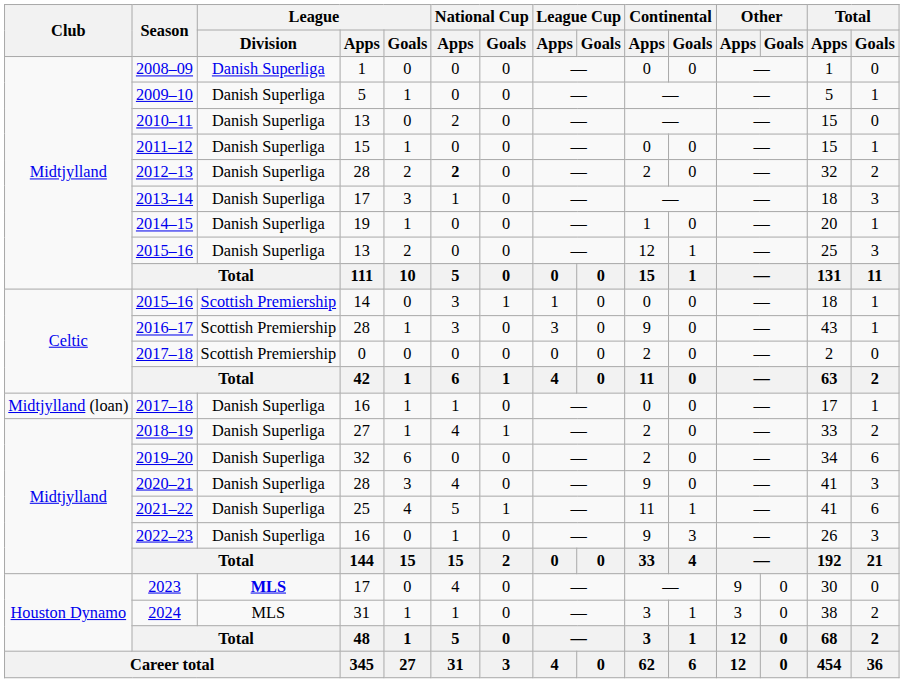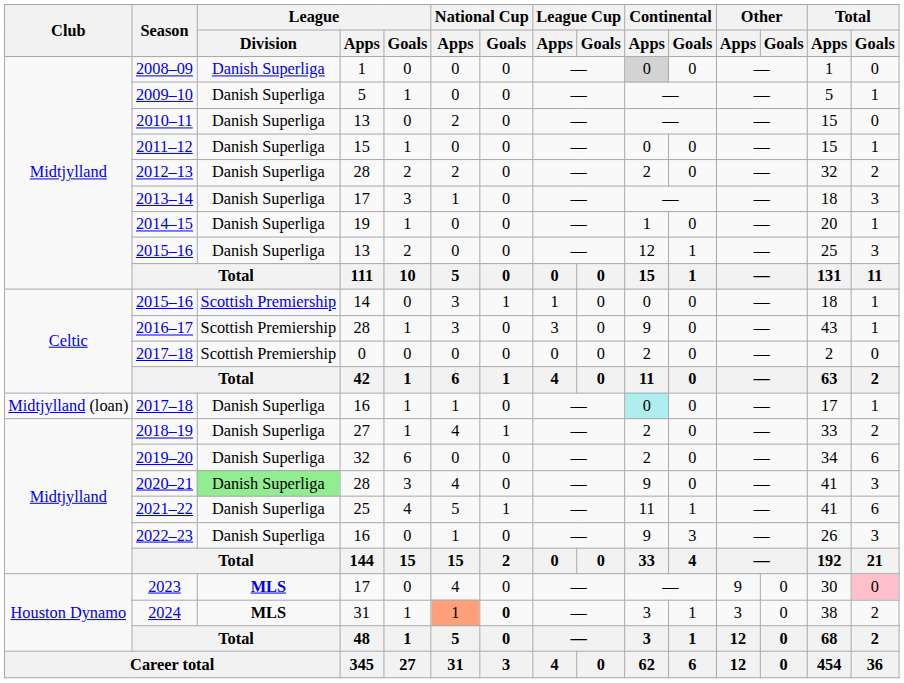 <table class="wikitable" style="text-align:center">
 <tr>
 <th rowspan="2">Club</th>
 <th rowspan="2">Season</th>
 <th colspan="3">League</th>
 <th colspan="2">National Cup</th>
 <th colspan="2">League Cup</th>
 <th colspan="2">Continental</th>
 <th colspan="2">Other</th>
 <th colspan="2">Total</th>
 </tr>
 <tr>
 <th>Division</th>
 <th>Apps</th>
 <th>Goals</th>
 <th>Apps</th>
 <th>Goals</th>
 <th>Apps</th>
 <th>Goals</th>
 <th>Apps</th>
 <th>Goals</th>
 <th>Apps</th>
 <th>Goals</th>
 <th>Apps</th>
 <th>Goals</th>
 </tr>
 <tr>
 <td rowspan="9"><a href='#'>Midtjylland</a></td>
 <td><a href='#'>2008–09</a></td>
 <td><a href='#'>Danish Superliga</a></td>
 <td>1</td>
 <td>0</td>
 <td>0</td>
 <td>0</td>
 <td colspan="2">—</td>
-<td>0</td>
+<td style="background: lightgrey;">0</td>
 <td>0</td>
 <td colspan="2">—</td>
 <td>1</td>
 <td>0</td>
 </tr>
 <tr>
 <td><a href='#'>2009–10</a></td>
 <td>Danish Superliga</td>
 <td>5</td>
 <td>1</td>
 <td>0</td>
 <td>0</td>
 <td colspan="2">—</td>
 <td colspan="2">—</td>
 <td colspan="2">—</td>
 <td>5</td>
 <td>1</td>
 </tr>
 <tr>
 <td><a href='#'>2010–11</a></td>
 <td>Danish Superliga</td>
 <td>13</td>
 <td>0</td>
 <td>2</td>
 <td>0</td>
 <td colspan="2">—</td>
 <td colspan="2">—</td>
 <td colspan="2">—</td>
 <td>15</td>
 <td>0</td>
 </tr>
 <tr>
 <td><a href='#'>2011–12</a></td>
 <td>Danish Superliga</td>
 <td>15</td>
 <td>1</td>
 <td>0</td>
 <td>0</td>
 <td colspan="2">—</td>
 <td>0</td>
 <td>0</td>
 <td colspan="2">—</td>
 <td>15</td>
 <td>1</td>
 </tr>
 <tr>
 <td><a href='#'>2012–13</a></td>
 <td>Danish Superliga</td>
 <td>28</td>
 <td>2</td>
-<td><strong>2</strong></td>
+<td>2</td>
 <td>0</td>
 <td colspan="2">—</td>
 <td>2</td>
 <td>0</td>
 <td colspan="2">—</td>
 <td>32</td>
 <td>2</td>
 </tr>
 <tr>
 <td><a href='#'>2013–14</a></td>
 <td>Danish Superliga</td>
 <td>17</td>
 <td>3</td>
 <td>1</td>
 <td>0</td>
 <td colspan="2">—</td>
 <td colspan="2">—</td>
 <td colspan="2">—</td>
 <td>18</td>
 <td>3</td>
 </tr>
 <tr>
 <td><a href='#'>2014–15</a></td>
 <td>Danish Superliga</td>
 <td>19</td>
 <td>1</td>
 <td>0</td>
 <td>0</td>
 <td colspan="2">—</td>
 <td>1</td>
 <td>0</td>
 <td colspan="2">—</td>
 <td>20</td>
 <td>1</td>
 </tr>
 <tr>
 <td><a href='#'>2015–16</a></td>
 <td>Danish Superliga</td>
 <td>13</td>
 <td>2</td>
 <td>0</td>
 <td>0</td>
 <td colspan="2">—</td>
 <td>12</td>
 <td>1</td>
 <td colspan="2">—</td>
 <td>25</td>
 <td>3</td>
 </tr>
 <tr>
 <th colspan="2">Total</th>
 <th>111</th>
 <th>10</th>
 <th>5</th>
 <th>0</th>
 <th>0</th>
 <th>0</th>
 <th>15</th>
 <th>1</th>
 <th colspan="2">—</th>
 <th>131</th>
 <th>11</th>
 </tr>
 <tr>
 <td rowspan="4"><a href='#'>Celtic</a></td>
 <td><a href='#'>2015–16</a></td>
 <td><a href='#'>Scottish Premiership</a></td>
 <td>14</td>
 <td>0</td>
 <td>3</td>
 <td>1</td>
 <td>1</td>
 <td>0</td>
 <td>0</td>
 <td>0</td>
 <td colspan="2">—</td>
 <td>18</td>
 <td>1</td>
 </tr>
 <tr>
 <td><a href='#'>2016–17</a></td>
 <td>Scottish Premiership</td>
 <td>28</td>
 <td>1</td>
 <td>3</td>
 <td>0</td>
 <td>3</td>
 <td>0</td>
 <td>9</td>
 <td>0</td>
 <td colspan="2">—</td>
 <td>43</td>
 <td>1</td>
 </tr>
 <tr>
 <td><a href='#'>2017–18</a></td>
 <td>Scottish Premiership</td>
 <td>0</td>
 <td>0</td>
 <td>0</td>
 <td>0</td>
 <td>0</td>
 <td>0</td>
 <td>2</td>
 <td>0</td>
 <td colspan="2">—</td>
 <td>2</td>
 <td>0</td>
 </tr>
 <tr>
 <th colspan="2">Total</th>
 <th>42</th>
 <th>1</th>
 <th>6</th>
 <th>1</th>
 <th>4</th>
 <th>0</th>
 <th>11</th>
 <th>0</th>
 <th colspan="2">—</th>
 <th>63</th>
 <th>2</th>
 </tr>
 <tr>
 <td><a href='#'>Midtjylland</a> (loan)</td>
 <td><a href='#'>2017–18</a></td>
 <td>Danish Superliga</td>
 <td>16</td>
 <td>1</td>
 <td>1</td>
 <td>0</td>
 <td colspan="2">—</td>
-<td>0</td>
+<td style="background: paleturquoise;">0</td>
 <td>0</td>
 <td colspan="2">—</td>
 <td>17</td>
 <td>1</td>
 </tr>
 <tr>
 <td rowspan="6"><a href='#'>Midtjylland</a></td>
 <td><a href='#'>2018–19</a></td>
 <td>Danish Superliga</td>
 <td>27</td>
 <td>1</td>
 <td>4</td>
 <td>1</td>
 <td colspan="2">—</td>
 <td>2</td>
 <td>0</td>
 <td colspan="2">—</td>
 <td>33</td>
 <td>2</td>
 </tr>
 <tr>
 <td><a href='#'>2019–20</a></td>
 <td>Danish Superliga</td>
 <td>32</td>
 <td>6</td>
 <td>0</td>
 <td>0</td>
 <td colspan="2">—</td>
 <td>2</td>
 <td>0</td>
 <td colspan="2">—</td>
 <td>34</td>
 <td>6</td>
 </tr>
 <tr>
 <td><a href='#'>2020–21</a></td>
-<td>Danish Superliga</td>
+<td style="background: lightgreen;">Danish Superliga</td>
 <td>28</td>
 <td>3</td>
 <td>4</td>
 <td>0</td>
 <td colspan="2">—</td>
 <td>9</td>
 <td>0</td>
 <td colspan="2">—</td>
 <td>41</td>
 <td>3</td>
 </tr>
 <tr>
 <td><a href='#'>2021–22</a></td>
 <td>Danish Superliga</td>
 <td>25</td>
 <td>4</td>
 <td>5</td>
 <td>1</td>
 <td colspan="2">—</td>
 <td>11</td>
 <td>1</td>
 <td colspan="2">—</td>
 <td>41</td>
 <td>6</td>
 </tr>
 <tr>
 <td><a href='#'>2022–23</a></td>
 <td>Danish Superliga</td>
 <td>16</td>
 <td>0</td>
 <td>1</td>
 <td>0</td>
 <td colspan="2">—</td>
 <td>9</td>
 <td>3</td>
 <td colspan="2">—</td>
 <td>26</td>
 <td>3</td>
 </tr>
 <tr>
 <th colspan="2">Total</th>
 <th>144</th>
 <th>15</th>
 <th>15</th>
 <th>2</th>
 <th>0</th>
 <th>0</th>
 <th>33</th>
 <th>4</th>
 <th colspan="2">—</th>
 <th>192</th>
 <th>21</th>
 </tr>
 <tr>
 <td rowspan="3"><a href='#'>Houston Dynamo</a></td>
 <td><a href='#'>2023</a></td>
 <td><strong><a href='#'>MLS</a></strong></td>
 <td>17</td>
 <td>0</td>
 <td>4</td>
 <td>0</td>
 <td colspan="2">—</td>
 <td colspan="2">—</td>
 <td>9</td>
 <td>0</td>
 <td>30</td>
-<td>0</td>
+<td style="background: pink;">0</td>
 </tr>
 <tr>
 <td><a href='#'>2024</a></td>
-<td>MLS</td>
+<td><strong>MLS</strong></td>
 <td>31</td>
 <td>1</td>
-<td>1</td>
-<td>0</td>
+<td style="background: lightsalmon;">1</td>
+<td><strong>0</strong></td>
 <td colspan="2">—</td>
 <td>3</td>
 <td>1</td>
 <td>3</td>
 <td>0</td>
 <td>38</td>
 <td>2</td>
 </tr>
 <tr>
 <th colspan="2">Total</th>
 <th>48</th>
 <th>1</th>
 <th>5</th>
 <th>0</th>
 <th colspan="2">—</th>
 <th>3</th>
 <th>1</th>
 <th>12</th>
 <th>0</th>
 <th>68</th>
 <th>2</th>
 </tr>
 <tr>
 <th colspan="3">Career total</th>
 <th>345</th>
 <th>27</th>
 <th>31</th>
 <th>3</th>
 <th>4</th>
 <th>0</th>
 <th>62</th>
 <th>6</th>
 <th>12</th>
 <th>0</th>
 <th>454</th>
 <th>36</th>
 </tr>
 </table>
